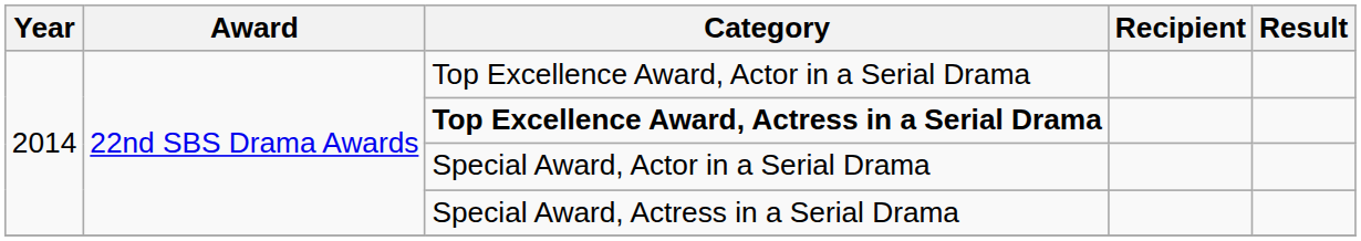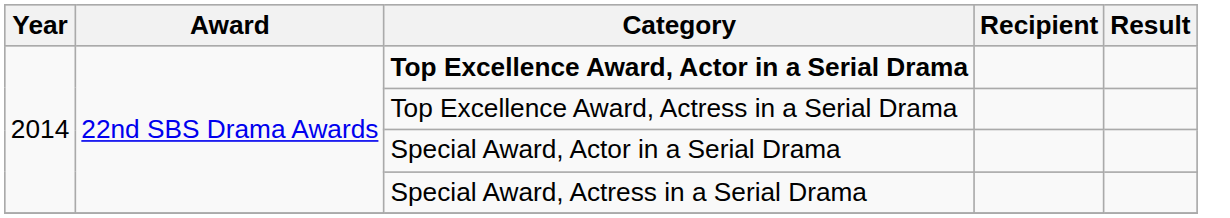 <table class="wikitable">
 <tr>
 <th>Year</th>
 <th>Award</th>
 <th>Category</th>
 <th>Recipient</th>
 <th>Result</th>
 </tr>
 <tr>
 <td rowspan=4 style="text-align:center;">2014</td>
 <td rowspan=4><a href='#'>22nd SBS Drama Awards</a></td>
-<td>Top Excellence Award, Actor in a Serial Drama</td>
+<td><strong>Top Excellence Award, Actor in a Serial Drama</strong></td>
 <td></td>
 <td></td>
 </tr>
 <tr>
-<td><strong>Top Excellence Award, Actress in a Serial Drama</strong></td>
+<td>Top Excellence Award, Actress in a Serial Drama</td>
 <td></td>
 <td></td>
 </tr>
 <tr>
 <td>Special Award, Actor in a Serial Drama</td>
 <td></td>
 <td></td>
 </tr>
 <tr>
 <td>Special Award, Actress in a Serial Drama</td>
 <td></td>
 <td></td>
 </tr>
 <tr>
 </tr>
 </table>
